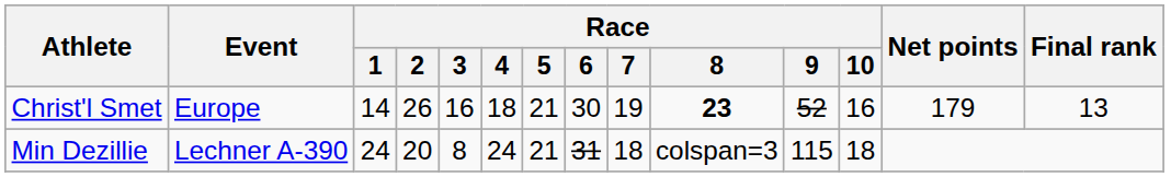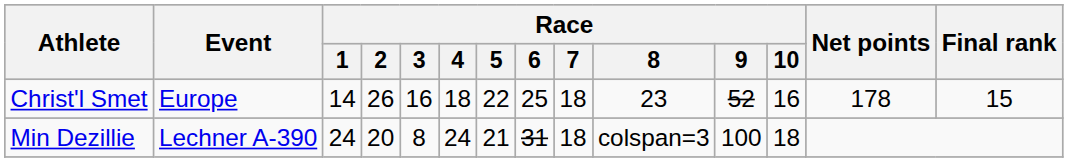 <table class="wikitable" style="font-size:90%">
 <tr>
 <th rowspan=2>Athlete</th>
 <th rowspan=2>Event</th>
 <th colspan=10>Race</th>
 <th rowspan=2>Net points</th>
 <th rowspan=2>Final rank</th>
 </tr>
 <tr style="font-size:95%">
 <th>1</th>
 <th>2</th>
 <th>3</th>
 <th>4</th>
 <th>5</th>
 <th>6</th>
 <th>7</th>
 <th>8</th>
 <th>9</th>
 <th>10</th>
 </tr>
 <tr align=center>
 <td align=left><a href='#'>Christ'l Smet</a></td>
 <td align=left><a href='#'>Europe</a></td>
 <td>14</td>
 <td>26</td>
 <td>16</td>
 <td>18</td>
-<td>21</td>
-<td>30</td>
-<td>19</td>
-<td><strong>23</strong></td>
+<td>22</td>
+<td>25</td>
+<td>18</td>
+<td>23</td>
 <td><s>52</s></td>
 <td>16</td>
-<td>179</td>
-<td>13</td>
+<td>178</td>
+<td>15</td>
 </tr>
 <tr align=center>
 <td align=left><a href='#'>Min Dezillie</a></td>
 <td align=left><a href='#'>Lechner A-390</a></td>
 <td>24</td>
 <td>20</td>
 <td>8</td>
 <td>24</td>
 <td>21</td>
 <td><s>31</s></td>
 <td>18</td>
 <td>colspan=3</td>
-<td>115</td>
+<td>100</td>
 <td>18</td>
 </tr>
 </table>
